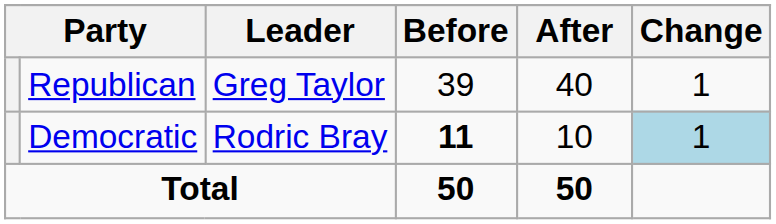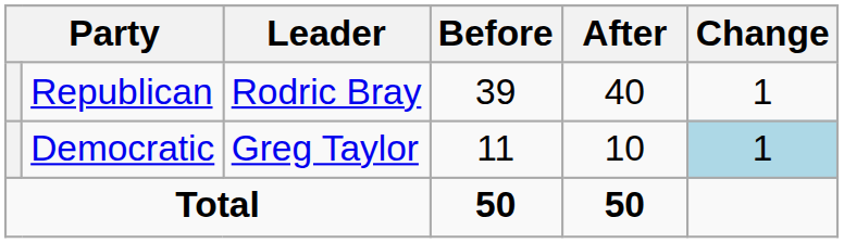 <table class="wikitable" style="text-align:center;">
 <tr>
 </tr>
 <tr>
 <th colspan=2>Party</th>
 <th>Leader</th>
 <th style="width:3em">Before</th>
 <th style="width:3em">After</th>
 <th style="width:3em">Change</th>
 </tr>
 <tr>
 <th style="background-color:"></th>
 <td style="text-align:left;"><a href='#'>Republican</a></td>
-<td style="text-align:left;"><a href='#'>Greg Taylor</a></td>
+<td style="text-align:left;"><a href='#'>Rodric Bray</a></td>
 <td>39</td>
 <td>40</td>
 <td> 1</td>
 </tr>
 <tr>
 <th style="background-color:"></th>
 <td style="text-align:left;"><a href='#'>Democratic</a></td>
-<td style="text-align:left;"><a href='#'>Rodric Bray</a></td>
-<td><strong>11</strong></td>
+<td style="text-align:left;"><a href='#'>Greg Taylor</a></td>
+<td>11</td>
 <td>10</td>
 <td style="background: lightblue;"> 1</td>
 </tr>
 <tr>
 <td colspan=3><strong>Total</strong></td>
 <td><strong>50</strong></td>
 <td><strong>50</strong></td>
 <td></td>
 </tr>
 </table>
